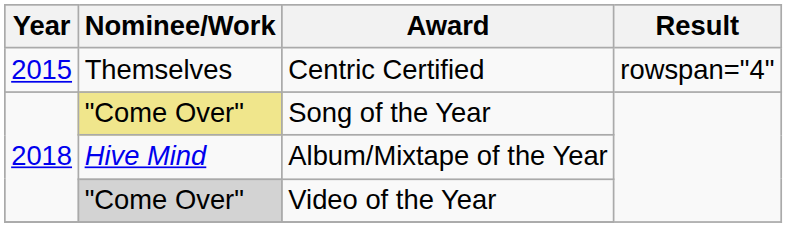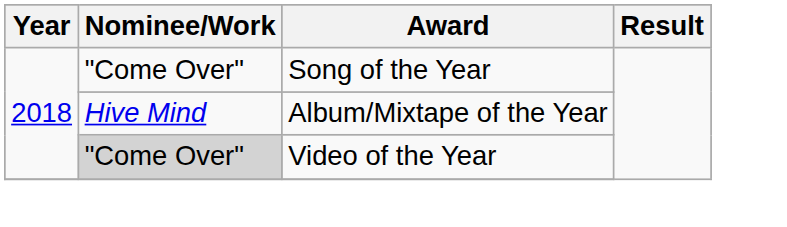 <table class="wikitable" border="1">
 <tr>
 <th>Year</th>
 <th>Nominee/Work</th>
 <th>Award</th>
 <th>Result</th>
 </tr>
 <tr>
-<td><a href='#'>2015</a></td>
-<td>Themselves</td>
-<td>Centric Certified</td>
-<td>rowspan="4" </td>
-</tr>
-<tr>
 <td rowspan="3"><a href='#'>2018</a></td>
-<td style="background: khaki;">"Come Over"</td>
+<td>"Come Over"</td>
 <td>Song of the Year</td>
 </tr>
 <tr>
 <td><em><a href='#'>Hive Mind</a></em></td>
 <td>Album/Mixtape of the Year</td>
 </tr>
 <tr>
 <td style="background: lightgrey;">"Come Over"</td>
 <td>Video of the Year</td>
 </tr>
 <tr>
 </tr>
 </table>
